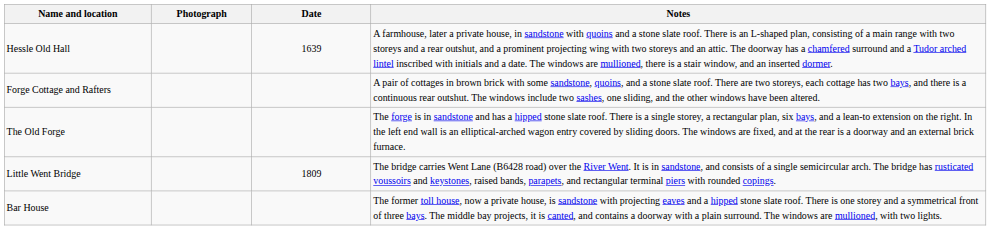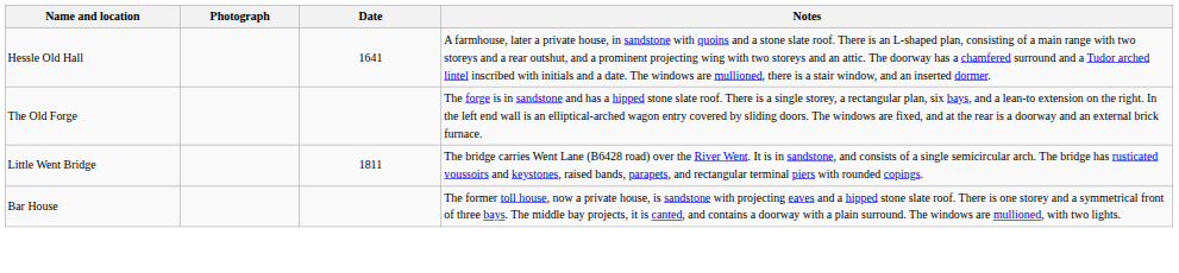 <table class="wikitable sortable plainrowheaders" style="width:100%;border:0px;text-align:left;line-height:150%;">
 <tr>
 <th scope="col"  style="width:150px">Name and location</th>
 <th scope="col"  style="width:100px" class="unsortable">Photograph</th>
 <th scope="col"  style="width:120px">Date</th>
 <th scope="col"  style="width:650px" class="unsortable">Notes</th>
 </tr>
 <tr>
 <td>Hessle Old Hall<br><small></small></td>
 <td></td>
-<td align="center">1639</td>
+<td align="center">1641</td>
 <td>A farmhouse, later a private house, in <a href='#'>sandstone</a> with <a href='#'>quoins</a> and a stone slate roof.  There is an L-shaped plan, consisting of a main range with two storeys and a rear outshut, and a prominent projecting wing with two storeys and an attic.  The doorway has a <a href='#'>chamfered</a> surround and a <a href='#'>Tudor arched</a> <a href='#'>lintel</a> inscribed with initials and a date.  The windows are <a href='#'>mullioned</a>, there is a stair window, and an inserted <a href='#'>dormer</a>.</td>
-</tr>
-<tr>
-<td>Forge Cottage and Rafters<br><small></small></td>
-<td></td>
-<td align="center"></td>
-<td>A pair of cottages in brown brick with some <a href='#'>sandstone</a>, <a href='#'>quoins</a>, and a stone slate roof.  There are two storeys, each cottage has two <a href='#'>bays</a>, and there is a continuous rear outshut.  The windows include two <a href='#'>sashes</a>, one sliding, and the other windows have been altered.</td>
 </tr>
 <tr>
 <td>The Old Forge<br><small></small></td>
 <td></td>
 <td align="center"></td>
 <td>The <a href='#'>forge</a> is in <a href='#'>sandstone</a> and has a <a href='#'>hipped</a> stone slate roof.  There is a single storey, a rectangular plan, six <a href='#'>bays</a>, and a lean-to extension on the right.  In the left end wall is an elliptical-arched wagon entry covered by sliding doors.  The windows are fixed, and at the rear is a doorway and an external brick furnace.</td>
 </tr>
 <tr>
 <td>Little Went Bridge<br><small></small></td>
 <td></td>
-<td align="center">1809</td>
+<td align="center">1811</td>
 <td>The bridge carries Went Lane (B6428 road) over the <a href='#'>River Went</a>.  It is in <a href='#'>sandstone</a>, and consists of a single semicircular arch.  The bridge has <a href='#'>rusticated</a> <a href='#'>voussoirs</a> and <a href='#'>keystones</a>, raised bands, <a href='#'>parapets</a>, and rectangular terminal <a href='#'>piers</a> with rounded <a href='#'>copings</a>.</td>
 </tr>
 <tr>
 <td>Bar House<br><small></small></td>
 <td></td>
 <td align="center"></td>
 <td>The former <a href='#'>toll house</a>, now a private house, is <a href='#'>sandstone</a> with projecting <a href='#'>eaves</a> and a <a href='#'>hipped</a> stone slate roof.  There is one storey and a symmetrical front of three <a href='#'>bays</a>.  The middle bay projects, it is <a href='#'>canted</a>, and contains a doorway with a plain surround.  The windows are <a href='#'>mullioned</a>, with two lights.</td>
 </tr>
 <tr>
 </tr>
 </table>
